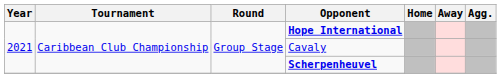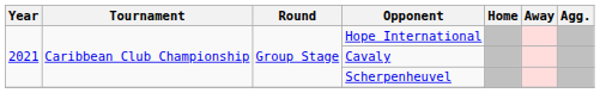 <table class="wikitable">
 <tr>
 <th>Year</th>
 <th>Tournament</th>
 <th>Round</th>
 <th>Opponent</th>
 <th>Home</th>
 <th>Away</th>
 <th>Agg.</th>
 </tr>
 <tr>
 <td rowspan=3><a href='#'>2021</a></td>
 <td rowspan=3><a href='#'>Caribbean Club Championship</a></td>
 <td rowspan=3><a href='#'>Group Stage</a></td>
-<td style="text-align:left;"><strong> <a href='#'>Hope International</a></strong></td>
+<td style="text-align:left;"> <a href='#'>Hope International</a></td>
 <td bgcolor=silver></td>
 <td style="background:#fdd;"></td>
 <td bgcolor=silver></td>
 </tr>
 <tr>
 <td style="text-align:left;"> <a href='#'>Cavaly</a></td>
 <td bgcolor=silver></td>
 <td style="background:#fdd;"></td>
 <td bgcolor=silver></td>
 </tr>
 <tr>
-<td style="text-align:left;"><strong> <a href='#'>Scherpenheuvel</a></strong></td>
+<td style="text-align:left;"> <a href='#'>Scherpenheuvel</a></td>
 <td bgcolor=silver></td>
 <td style="background:#fdd;"></td>
 <td bgcolor=silver></td>
 </tr>
 <tr>
 </tr>
 </table>
